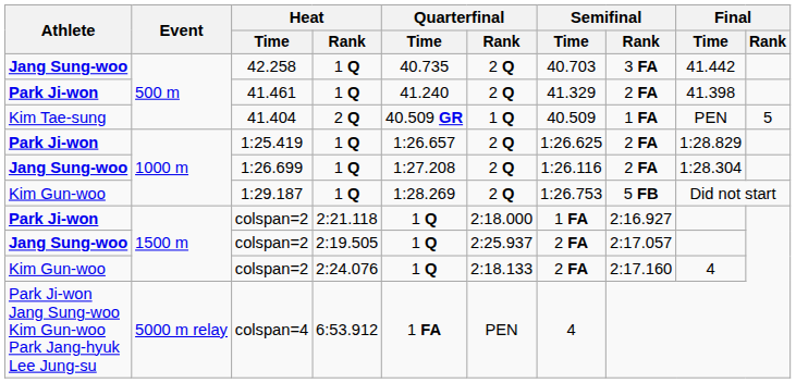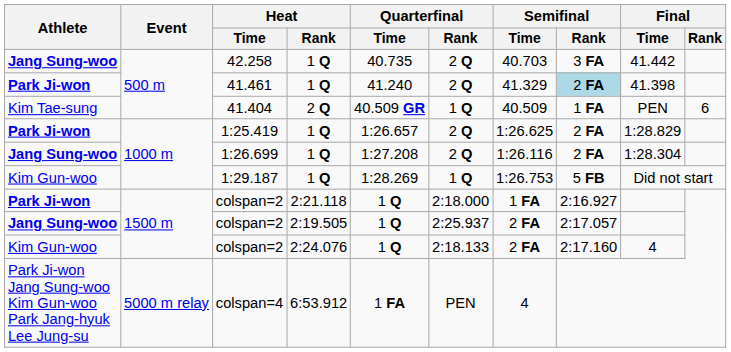 <table class="wikitable" style="font-size:90%">
 <tr>
 <th rowspan=2>Athlete</th>
 <th rowspan=2>Event</th>
 <th colspan=2>Heat</th>
 <th colspan=2>Quarterfinal</th>
 <th colspan=2>Semifinal</th>
 <th colspan=2>Final</th>
 </tr>
 <tr style="font-size:95%">
 <th>Time</th>
 <th>Rank</th>
 <th>Time</th>
 <th>Rank</th>
 <th>Time</th>
 <th>Rank</th>
 <th>Time</th>
 <th>Rank</th>
 </tr>
 <tr align=center>
 <td align=left><strong><a href='#'>Jang Sung-woo</a></strong></td>
 <td align=left rowspan=3><a href='#'>500 m</a></td>
 <td>42.258</td>
 <td>1 <strong>Q</strong></td>
 <td>40.735</td>
 <td>2 <strong>Q</strong></td>
 <td>40.703</td>
 <td>3 <strong>FA</strong></td>
 <td>41.442</td>
 <td></td>
 </tr>
 <tr align=center>
 <td align=left><strong><a href='#'>Park Ji-won</a></strong></td>
 <td>41.461</td>
 <td>1 <strong>Q</strong></td>
 <td>41.240</td>
 <td>2 <strong>Q</strong></td>
 <td>41.329</td>
-<td>2 <strong>FA</strong></td>
+<td style="background: lightblue;">2 <strong>FA</strong></td>
 <td>41.398</td>
 <td></td>
 </tr>
 <tr align=center>
 <td align=left><a href='#'>Kim Tae-sung</a></td>
 <td>41.404</td>
 <td>2 <strong>Q</strong></td>
 <td>40.509 <strong><a href='#'>GR</a></strong></td>
 <td>1 <strong>Q</strong></td>
 <td>40.509</td>
 <td>1 <strong>FA</strong></td>
 <td>PEN</td>
-<td>5</td>
+<td>6</td>
 </tr>
 <tr align=center>
 <td align=left><strong><a href='#'>Park Ji-won</a></strong></td>
 <td align=left rowspan=3><a href='#'>1000 m</a></td>
 <td>1:25.419</td>
 <td>1 <strong>Q</strong></td>
 <td>1:26.657</td>
 <td>2 <strong>Q</strong></td>
 <td>1:26.625</td>
 <td>2 <strong>FA</strong></td>
 <td>1:28.829</td>
 <td></td>
 </tr>
 <tr align=center>
 <td align=left><strong><a href='#'>Jang Sung-woo</a></strong></td>
 <td>1:26.699</td>
 <td>1 <strong>Q</strong></td>
 <td>1:27.208</td>
 <td>2 <strong>Q</strong></td>
 <td>1:26.116</td>
 <td>2 <strong>FA</strong></td>
 <td>1:28.304</td>
 <td></td>
 </tr>
 <tr align=center>
 <td align=left><a href='#'>Kim Gun-woo</a></td>
 <td>1:29.187</td>
 <td>1 <strong>Q</strong></td>
 <td>1:28.269</td>
-<td>2 <strong>Q</strong></td>
+<td>1 <strong>Q</strong></td>
 <td>1:26.753</td>
 <td>5 <strong>FB</strong></td>
 <td colspan=2>Did not start</td>
 </tr>
 <tr align=center>
 <td align=left><strong><a href='#'>Park Ji-won</a></strong></td>
 <td align=left rowspan=3><a href='#'>1500 m</a></td>
 <td>colspan=2 </td>
 <td>2:21.118</td>
 <td>1 <strong>Q</strong></td>
 <td>2:18.000</td>
 <td>1 <strong>FA</strong></td>
 <td>2:16.927</td>
 <td></td>
 </tr>
 <tr align=center>
 <td align=left><strong><a href='#'>Jang Sung-woo</a></strong></td>
 <td>colspan=2 </td>
 <td>2:19.505</td>
 <td>1 <strong>Q</strong></td>
 <td>2:25.937</td>
 <td>2 <strong>FA</strong></td>
 <td>2:17.057</td>
 <td></td>
 </tr>
 <tr align=center>
 <td align=left><a href='#'>Kim Gun-woo</a></td>
 <td>colspan=2 </td>
 <td>2:24.076</td>
 <td>1 <strong>Q</strong></td>
 <td>2:18.133</td>
 <td>2 <strong>FA</strong></td>
 <td>2:17.160</td>
 <td>4</td>
 </tr>
 <tr align=center>
 <td align=left><a href='#'>Park Ji-won</a><br><a href='#'>Jang Sung-woo</a><br><a href='#'>Kim Gun-woo</a><br><a href='#'>Park Jang-hyuk</a><br><a href='#'>Lee Jung-su</a></td>
 <td align=left><a href='#'>5000 m relay</a></td>
 <td>colspan=4 </td>
 <td>6:53.912</td>
 <td>1 <strong>FA</strong></td>
 <td>PEN</td>
 <td>4</td>
 </tr>
 </table>
